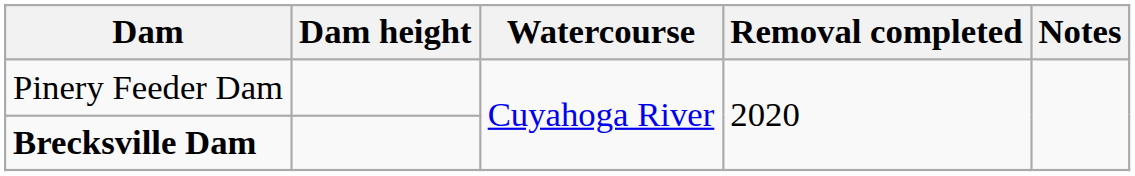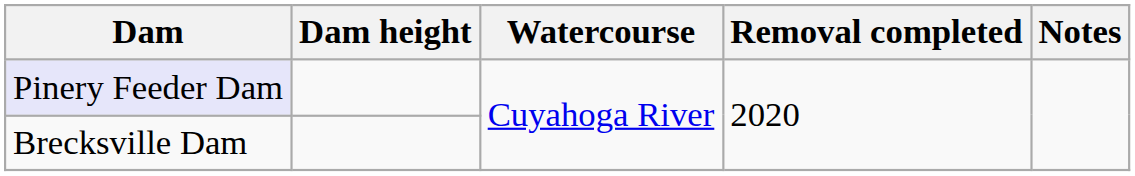 <table class="wikitable sortable">
 <tr>
 <th>Dam</th>
 <th>Dam height</th>
 <th>Watercourse</th>
 <th>Removal completed</th>
 <th>Notes</th>
 </tr>
 <tr>
-<td>Pinery Feeder Dam</td>
+<td style="background: lavender;">Pinery Feeder Dam</td>
 <td></td>
 <td rowspan=2><a href='#'>Cuyahoga River</a></td>
 <td rowspan=2>2020</td>
 <td rowspan=2></td>
 </tr>
 <tr>
-<td><strong>Brecksville Dam</strong></td>
+<td>Brecksville Dam</td>
 <td></td>
 </tr>
 </table>
